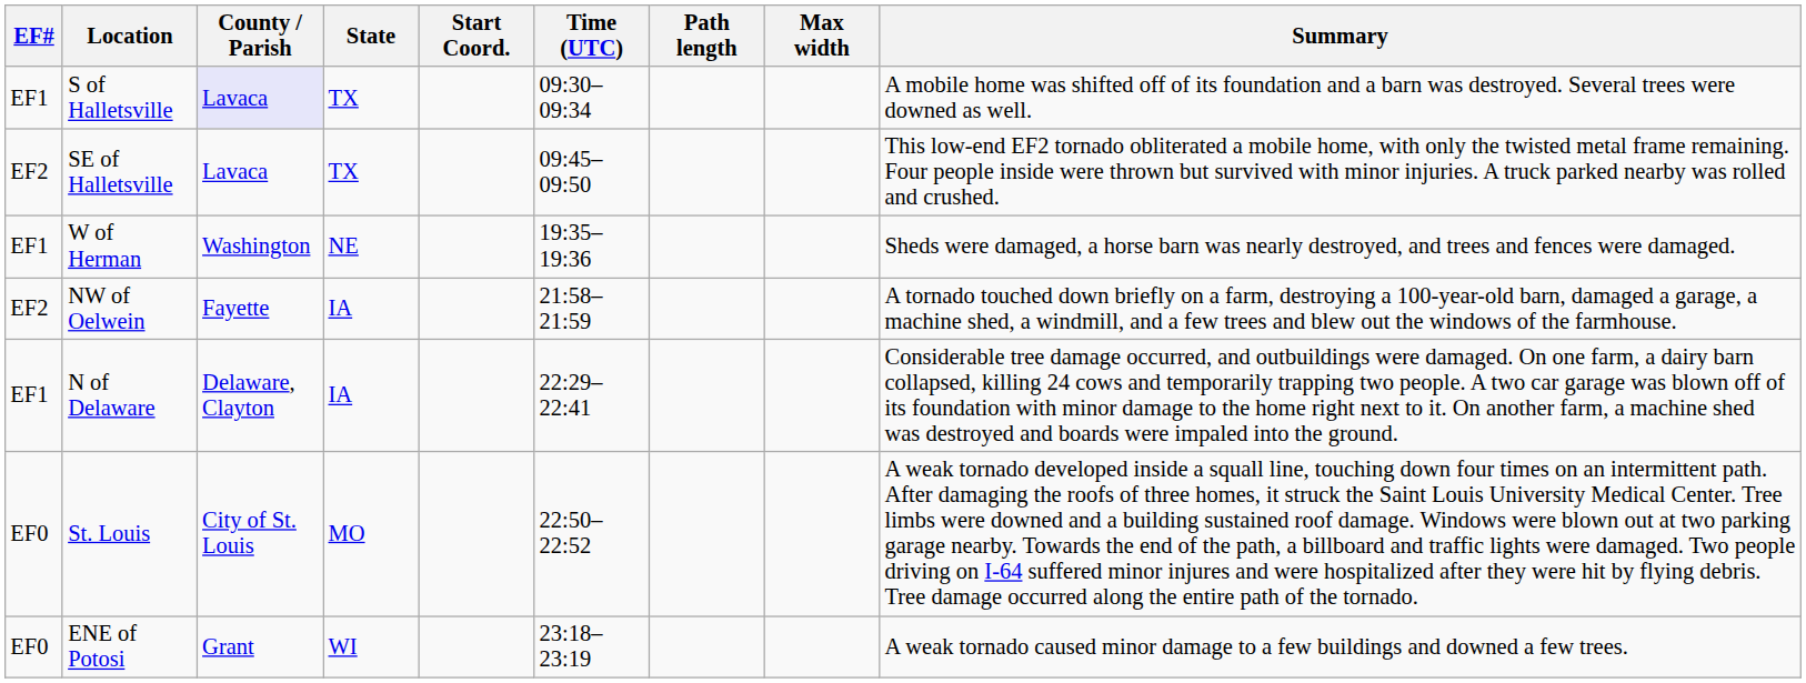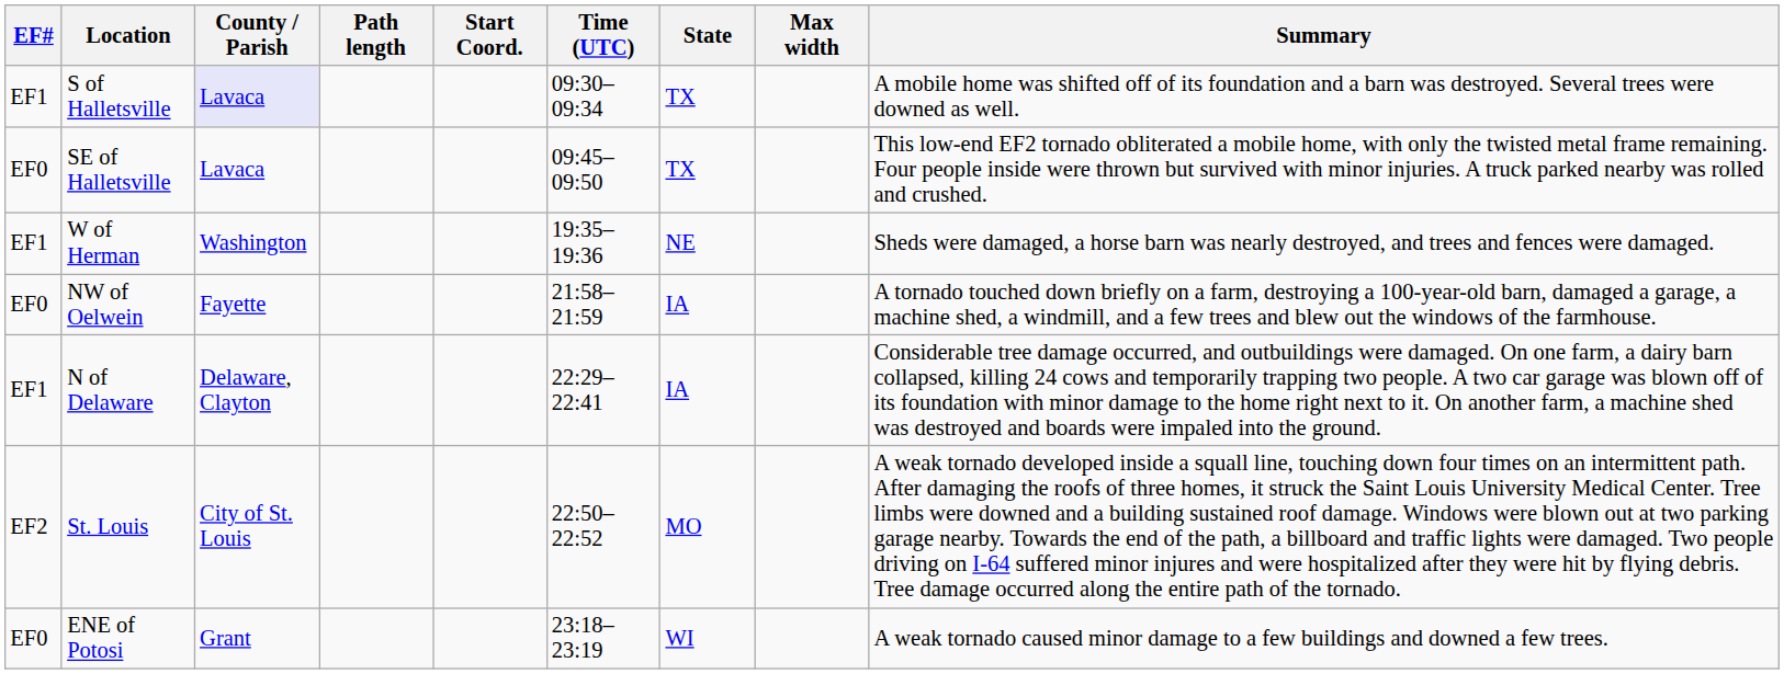 <table class="wikitable sortable" style="width:100%;">
 <tr>
 <th scope="col"  style="width:3%; text-align:center;"><a href='#'>EF#</a></th>
 <th scope="col"  style="width:7%; text-align:center;" class="unsortable">Location</th>
 <th scope="col"  style="width:6%; text-align:center;" class="unsortable">County / Parish</th>
-<th scope="col"  style="width:5%; text-align:center;">State</th>
+<th scope="col"  style="width:6%; text-align:center;">Path length</th>
 <th scope="col"  style="width:6%; text-align:center;">Start Coord.</th>
 <th scope="col"  style="width:6%; text-align:center;">Time (<a href='#'>UTC</a>)</th>
-<th scope="col"  style="width:6%; text-align:center;">Path length</th>
+<th scope="col"  style="width:5%; text-align:center;">State</th>
 <th scope="col"  style="width:6%; text-align:center;">Max width</th>
 <th scope="col" class="unsortable" style="width:48%; text-align:center;">Summary</th>
 </tr>
 <tr>
 <td>EF1</td>
 <td>S of <a href='#'>Halletsville</a></td>
 <td style="background: lavender;"><a href='#'>Lavaca</a></td>
-<td><a href='#'>TX</a></td>
+<td></td>
 <td></td>
 <td>09:30–09:34</td>
-<td></td>
+<td><a href='#'>TX</a></td>
 <td></td>
 <td>A mobile home was shifted off of its foundation and a barn was destroyed. Several trees were downed as well.</td>
 </tr>
 <tr>
-<td>EF2</td>
+<td>EF0</td>
 <td>SE of <a href='#'>Halletsville</a></td>
 <td><a href='#'>Lavaca</a></td>
-<td><a href='#'>TX</a></td>
+<td></td>
 <td></td>
 <td>09:45–09:50</td>
-<td></td>
+<td><a href='#'>TX</a></td>
 <td></td>
 <td>This low-end EF2 tornado obliterated a mobile home, with only the twisted metal frame remaining. Four people inside were thrown  but survived with minor injuries. A truck parked nearby was rolled and crushed.</td>
 </tr>
 <tr>
 <td>EF1</td>
 <td>W of <a href='#'>Herman</a></td>
 <td><a href='#'>Washington</a><br><small></small></td>
-<td><a href='#'>NE</a></td>
+<td></td>
 <td></td>
 <td>19:35–19:36</td>
-<td></td>
+<td><a href='#'>NE</a></td>
 <td></td>
 <td>Sheds were damaged, a horse barn was nearly destroyed, and trees and fences were damaged.</td>
 </tr>
 <tr>
-<td>EF2</td>
+<td>EF0</td>
 <td>NW of <a href='#'>Oelwein</a></td>
 <td><a href='#'>Fayette</a></td>
-<td><a href='#'>IA</a></td>
+<td></td>
 <td></td>
 <td>21:58–21:59</td>
-<td></td>
+<td><a href='#'>IA</a></td>
 <td></td>
 <td>A tornado touched down briefly on a farm, destroying a 100-year-old barn, damaged a garage, a machine shed, a windmill, and a few trees and blew out the windows of the farmhouse.</td>
 </tr>
 <tr>
 <td>EF1</td>
 <td>N of <a href='#'>Delaware</a></td>
 <td><a href='#'>Delaware</a>, <a href='#'>Clayton</a></td>
-<td><a href='#'>IA</a></td>
+<td></td>
 <td></td>
 <td>22:29–22:41</td>
-<td></td>
+<td><a href='#'>IA</a></td>
 <td></td>
 <td>Considerable tree damage occurred, and outbuildings were damaged. On one farm, a dairy barn collapsed, killing 24 cows and temporarily trapping two people. A two car garage was blown off of its foundation with minor damage to the home right next to it. On another farm, a machine shed was destroyed and boards were impaled into the ground.</td>
 </tr>
 <tr>
-<td>EF0</td>
+<td>EF2</td>
 <td><a href='#'>St. Louis</a></td>
 <td><a href='#'>City of St. Louis</a></td>
-<td><a href='#'>MO</a></td>
+<td></td>
 <td></td>
 <td>22:50–22:52</td>
-<td></td>
+<td><a href='#'>MO</a></td>
 <td></td>
 <td>A weak tornado developed inside a squall line, touching down four times on an intermittent path. After damaging the roofs of three homes, it struck the Saint Louis University Medical Center. Tree limbs were downed and a building sustained roof damage. Windows were blown out at two parking garage nearby. Towards the end of the path, a billboard and traffic lights were damaged. Two people driving on <a href='#'>I-64</a> suffered minor injures and were hospitalized after they were hit by flying debris. Tree damage occurred along the entire path of the tornado.</td>
 </tr>
 <tr>
 <td>EF0</td>
 <td>ENE of <a href='#'>Potosi</a></td>
 <td><a href='#'>Grant</a></td>
-<td><a href='#'>WI</a></td>
+<td></td>
 <td></td>
 <td>23:18–23:19</td>
-<td></td>
+<td><a href='#'>WI</a></td>
 <td></td>
 <td>A weak tornado caused minor damage to a few buildings and downed a few trees.</td>
 </tr>
 </table>
